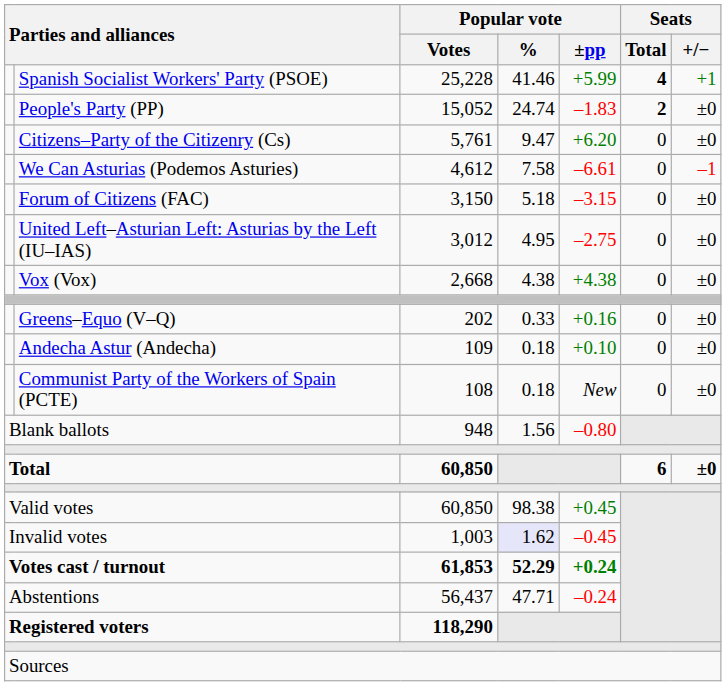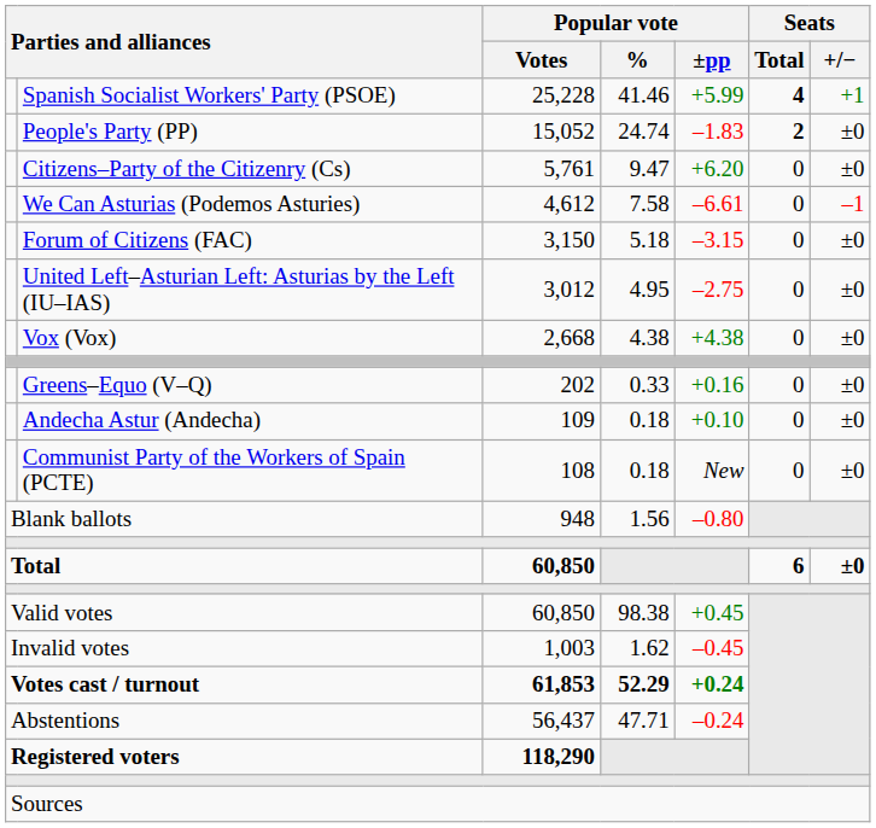 <table class="wikitable" style="text-align:right;">
 <tr>
 <th style="text-align:left;" rowspan="2" colspan="2" width="525">Parties and alliances</th>
 <th colspan="3">Popular vote</th>
 <th colspan="2">Seats</th>
 </tr>
 <tr>
 <th width="75">Votes</th>
 <th width="45">%</th>
 <th width="45">±<a href='#'>pp</a></th>
 <th width="35">Total</th>
 <th width="35">+/−</th>
 </tr>
 <tr>
 <td width="1" style="color:inherit;background:"></td>
 <td align="left"><a href='#'>Spanish Socialist Workers' Party</a> (PSOE)</td>
 <td>25,228</td>
 <td>41.46</td>
 <td style="color:green;">+5.99</td>
 <td><strong>4</strong></td>
 <td style="color:green;">+1</td>
 </tr>
 <tr>
 <td style="color:inherit;background:"></td>
 <td align="left"><a href='#'>People's Party</a> (PP)</td>
 <td>15,052</td>
 <td>24.74</td>
 <td style="color:red;">–1.83</td>
 <td><strong>2</strong></td>
 <td>±0</td>
 </tr>
 <tr>
 <td style="color:inherit;background:"></td>
 <td align="left"><a href='#'>Citizens–Party of the Citizenry</a> (Cs)</td>
 <td>5,761</td>
 <td>9.47</td>
 <td style="color:green;">+6.20</td>
 <td>0</td>
 <td>±0</td>
 </tr>
 <tr>
 <td style="color:inherit;background:"></td>
 <td align="left"><a href='#'>We Can Asturias</a> (Podemos Asturies)</td>
 <td>4,612</td>
 <td>7.58</td>
 <td style="color:red;">–6.61</td>
 <td>0</td>
 <td style="color:red;">–1</td>
 </tr>
 <tr>
 <td style="color:inherit;background:"></td>
 <td align="left"><a href='#'>Forum of Citizens</a> (FAC)</td>
 <td>3,150</td>
 <td>5.18</td>
 <td style="color:red;">–3.15</td>
 <td>0</td>
 <td>±0</td>
 </tr>
 <tr>
 <td style="color:inherit;background:"></td>
 <td align="left"><a href='#'>United Left</a>–<a href='#'>Asturian Left: Asturias by the Left</a> (IU–IAS)</td>
 <td>3,012</td>
 <td>4.95</td>
 <td style="color:red;">–2.75</td>
 <td>0</td>
 <td>±0</td>
 </tr>
 <tr>
 <td style="color:inherit;background:"></td>
 <td align="left"><a href='#'>Vox</a> (Vox)</td>
 <td>2,668</td>
 <td>4.38</td>
 <td style="color:green;">+4.38</td>
 <td>0</td>
 <td>±0</td>
 </tr>
 <tr>
 <td colspan="7" bgcolor="#C0C0C0"></td>
 </tr>
 <tr>
 <td style="color:inherit;background:"></td>
 <td align="left"><a href='#'>Greens</a>–<a href='#'>Equo</a> (V–Q)</td>
 <td>202</td>
 <td>0.33</td>
 <td style="color:green;">+0.16</td>
 <td>0</td>
 <td>±0</td>
 </tr>
 <tr>
 <td style="color:inherit;background:"></td>
 <td align="left"><a href='#'>Andecha Astur</a> (Andecha)</td>
 <td>109</td>
 <td>0.18</td>
 <td style="color:green;">+0.10</td>
 <td>0</td>
 <td>±0</td>
 </tr>
 <tr>
 <td style="color:inherit;background:"></td>
 <td align="left"><a href='#'>Communist Party of the Workers of Spain</a> (PCTE)</td>
 <td>108</td>
 <td>0.18</td>
 <td><em>New</em></td>
 <td>0</td>
 <td>±0</td>
 </tr>
 <tr>
 <td align="left" colspan="2">Blank ballots</td>
 <td>948</td>
 <td>1.56</td>
 <td style="color:red;">–0.80</td>
 <td bgcolor="#E9E9E9" colspan="2"></td>
 </tr>
 <tr>
 <td colspan="7" bgcolor="#E9E9E9"></td>
 </tr>
 <tr style="font-weight:bold;">
 <td align="left" colspan="2">Total</td>
 <td>60,850</td>
 <td bgcolor="#E9E9E9" colspan="2"></td>
 <td>6</td>
 <td>±0</td>
 </tr>
 <tr>
 <td colspan="7" bgcolor="#E9E9E9"></td>
 </tr>
 <tr>
 <td align="left" colspan="2">Valid votes</td>
 <td>60,850</td>
 <td>98.38</td>
 <td style="color:green;">+0.45</td>
 <td bgcolor="#E9E9E9" colspan="2" rowspan="5"></td>
 </tr>
 <tr>
 <td align="left" colspan="2">Invalid votes</td>
 <td>1,003</td>
-<td style="background: lavender;">1.62</td>
+<td>1.62</td>
 <td style="color:red;">–0.45</td>
 </tr>
 <tr style="font-weight:bold;">
 <td align="left" colspan="2">Votes cast / turnout</td>
 <td>61,853</td>
 <td>52.29</td>
 <td style="color:green;">+0.24</td>
 </tr>
 <tr>
 <td align="left" colspan="2">Abstentions</td>
 <td>56,437</td>
 <td>47.71</td>
 <td style="color:red;">–0.24</td>
 </tr>
 <tr style="font-weight:bold;">
 <td align="left" colspan="2">Registered voters</td>
 <td>118,290</td>
 <td bgcolor="#E9E9E9" colspan="2"></td>
 </tr>
 <tr>
 <td colspan="7" bgcolor="#E9E9E9"></td>
 </tr>
 <tr>
 <td align="left" colspan="7">Sources</td>
 </tr>
 </table>
